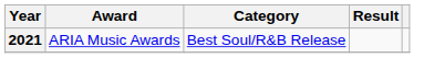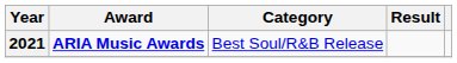 <table class="wikitable sortable plainrowheaders">
 <tr>
 <th scope="col">Year</th>
 <th scope="col">Award</th>
 <th scope="col">Category</th>
 <th scope="col">Result</th>
 <th scope="col" class="unsortable"></th>
 </tr>
 <tr>
 <th scope="row">2021</th>
-<td><a href='#'>ARIA Music Awards</a></td>
+<td><strong><a href='#'>ARIA Music Awards</a></strong></td>
 <td><a href='#'>Best Soul/R&B Release</a></td>
 <td></td>
 <td></td>
 </tr>
 <tr>
 </tr>
 </table>
